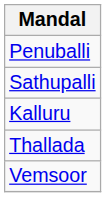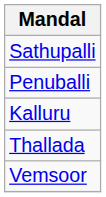 <table class="wikitable sortable static-row-numbers static-row-header-hash">
 <tr>
 <th>Mandal</th>
 </tr>
 <tr>
-<td><a href='#'>Penuballi</a></td>
+<td><a href='#'>Sathupalli</a></td>
 </tr>
 <tr>
-<td><a href='#'>Sathupalli</a></td>
+<td><a href='#'>Penuballi</a></td>
 </tr>
 <tr>
 <td><a href='#'>Kalluru</a></td>
 </tr>
 <tr>
 <td><a href='#'>Thallada</a></td>
 </tr>
 <tr>
 <td><a href='#'>Vemsoor</a></td>
 </tr>
 <tr>
 </tr>
 </table>
